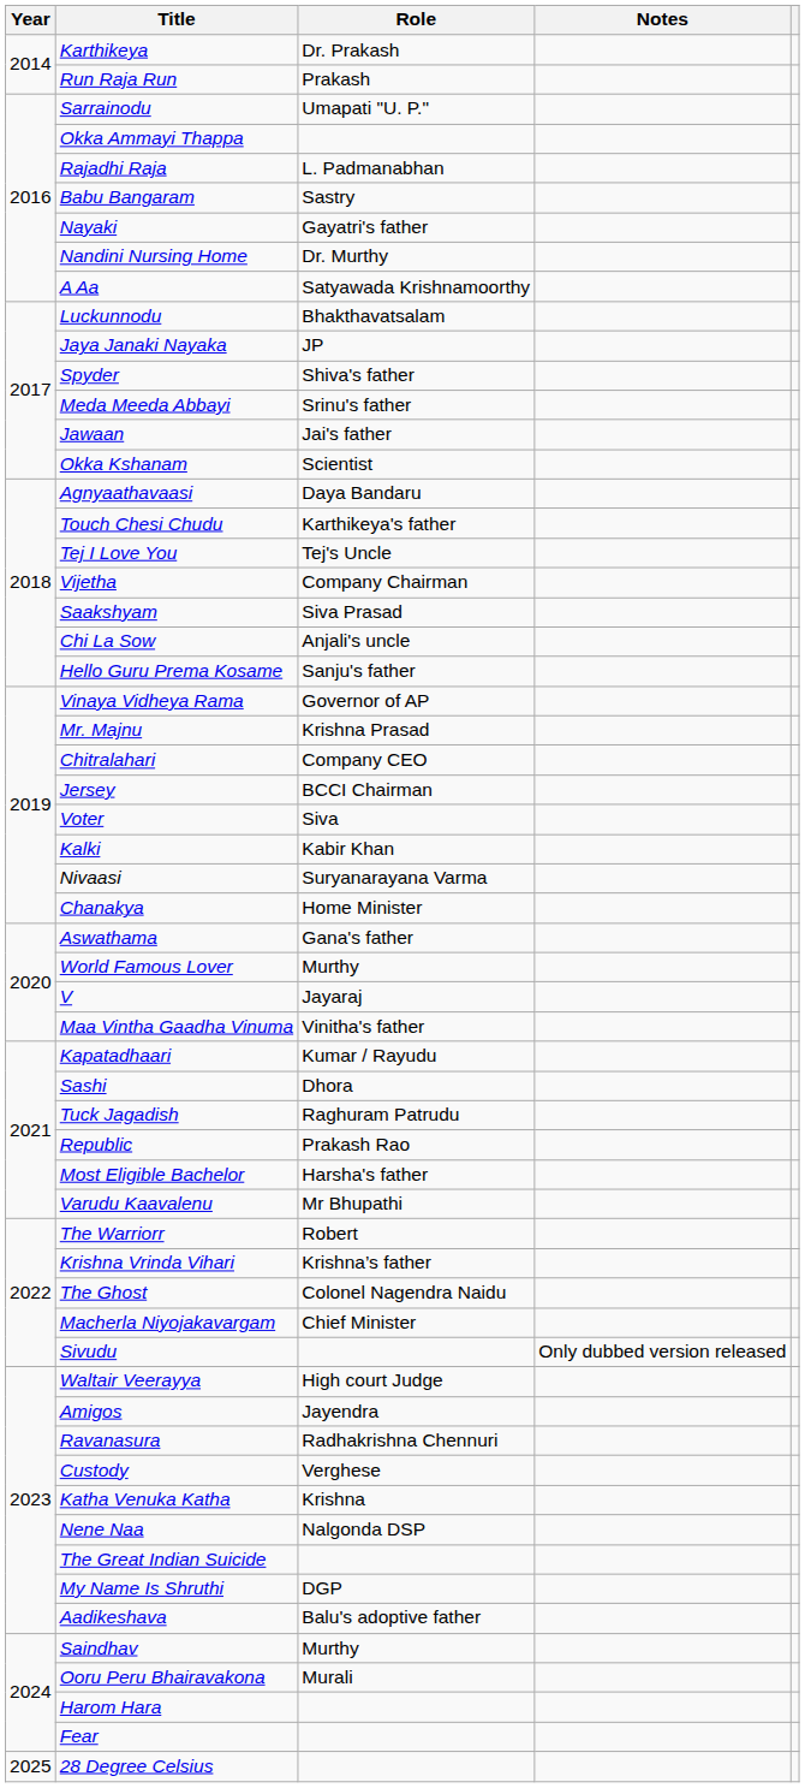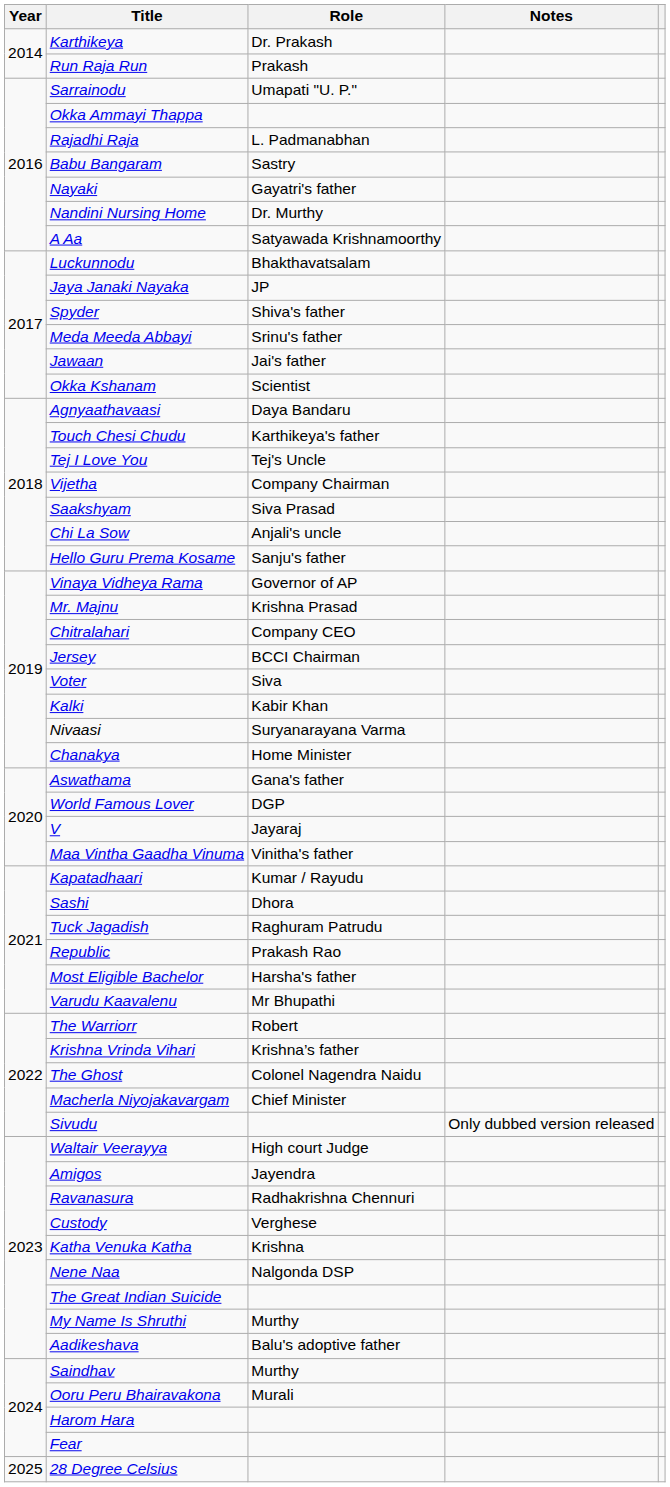 <table class="wikitable sortable">
 <tr>
 <th scope="col">Year</th>
 <th scope="col">Title</th>
 <th scope="col">Role</th>
 <th scope="col">Notes</th>
 <th class="unsortable" scope="col"></th>
 </tr>
 <tr>
 <td rowspan="2">2014</td>
 <td><em><a href='#'>Karthikeya</a></em></td>
 <td>Dr. Prakash</td>
 <td></td>
 <td></td>
 </tr>
 <tr>
 <td><em><a href='#'>Run Raja Run</a></em></td>
 <td>Prakash</td>
 <td></td>
 <td></td>
 </tr>
 <tr>
 <td rowspan="7">2016</td>
 <td><em><a href='#'>Sarrainodu</a></em></td>
 <td>Umapati "U. P."</td>
 <td></td>
 <td></td>
 </tr>
 <tr>
 <td><em><a href='#'>Okka Ammayi Thappa</a></em></td>
 <td></td>
 <td></td>
 <td></td>
 </tr>
 <tr>
 <td><em><a href='#'>Rajadhi Raja</a></em></td>
 <td>L. Padmanabhan</td>
 <td></td>
 <td></td>
 </tr>
 <tr>
 <td><em><a href='#'>Babu Bangaram</a></em></td>
 <td>Sastry</td>
 <td></td>
 <td></td>
 </tr>
 <tr>
 <td><em><a href='#'>Nayaki</a></em></td>
 <td>Gayatri's father</td>
 <td></td>
 <td></td>
 </tr>
 <tr>
 <td><em><a href='#'>Nandini Nursing Home</a></em></td>
 <td>Dr. Murthy</td>
 <td></td>
 <td></td>
 </tr>
 <tr>
 <td><em><a href='#'>A Aa</a></em></td>
 <td>Satyawada Krishnamoorthy</td>
 <td></td>
 <td></td>
 </tr>
 <tr>
 <td rowspan="6">2017</td>
 <td><em><a href='#'>Luckunnodu</a></em></td>
 <td>Bhakthavatsalam</td>
 <td></td>
 <td></td>
 </tr>
 <tr>
 <td><em><a href='#'>Jaya Janaki Nayaka</a></em></td>
 <td>JP</td>
 <td></td>
 <td></td>
 </tr>
 <tr>
 <td><em><a href='#'>Spyder</a></em></td>
 <td>Shiva's father</td>
 <td></td>
 <td></td>
 </tr>
 <tr>
 <td><em><a href='#'>Meda Meeda Abbayi</a></em></td>
 <td>Srinu's father</td>
 <td></td>
 <td></td>
 </tr>
 <tr>
 <td><em><a href='#'>Jawaan</a></em></td>
 <td>Jai's father</td>
 <td></td>
 <td></td>
 </tr>
 <tr>
 <td><em><a href='#'>Okka Kshanam</a></em></td>
 <td>Scientist</td>
 <td></td>
 <td></td>
 </tr>
 <tr>
 <td rowspan="7">2018</td>
 <td><em><a href='#'>Agnyaathavaasi</a></em></td>
 <td>Daya Bandaru</td>
 <td></td>
 <td></td>
 </tr>
 <tr>
 <td><em><a href='#'>Touch Chesi Chudu</a></em></td>
 <td>Karthikeya's father</td>
 <td></td>
 <td></td>
 </tr>
 <tr>
 <td><em><a href='#'>Tej I Love You</a></em></td>
 <td>Tej's Uncle</td>
 <td></td>
 <td></td>
 </tr>
 <tr>
 <td><em><a href='#'>Vijetha</a></em></td>
 <td>Company Chairman</td>
 <td></td>
 <td></td>
 </tr>
 <tr>
 <td><em><a href='#'>Saakshyam</a></em></td>
 <td>Siva Prasad</td>
 <td></td>
 <td></td>
 </tr>
 <tr>
 <td><em><a href='#'>Chi La Sow</a></em></td>
 <td>Anjali's uncle</td>
 <td></td>
 <td></td>
 </tr>
 <tr>
 <td><em><a href='#'>Hello Guru Prema Kosame</a></em></td>
 <td>Sanju's father</td>
 <td></td>
 <td></td>
 </tr>
 <tr>
 <td rowspan="8">2019</td>
 <td><em><a href='#'>Vinaya Vidheya Rama</a></em></td>
 <td>Governor of AP</td>
 <td></td>
 <td></td>
 </tr>
 <tr>
 <td><em><a href='#'>Mr. Majnu</a></em></td>
 <td>Krishna Prasad</td>
 <td></td>
 <td></td>
 </tr>
 <tr>
 <td><em><a href='#'>Chitralahari</a></em></td>
 <td>Company CEO</td>
 <td></td>
 <td></td>
 </tr>
 <tr>
 <td><em><a href='#'>Jersey</a></em></td>
 <td>BCCI Chairman</td>
 <td></td>
 <td></td>
 </tr>
 <tr>
 <td><em><a href='#'>Voter</a></em></td>
 <td>Siva</td>
 <td></td>
 <td></td>
 </tr>
 <tr>
 <td><em><a href='#'>Kalki</a></em></td>
 <td>Kabir Khan</td>
 <td></td>
 <td></td>
 </tr>
 <tr>
 <td><em>Nivaasi</em></td>
 <td>Suryanarayana Varma</td>
 <td></td>
 <td></td>
 </tr>
 <tr>
 <td><em><a href='#'>Chanakya</a></em></td>
 <td>Home Minister</td>
 <td></td>
 <td></td>
 </tr>
 <tr>
 <td rowspan="4">2020</td>
 <td><em><a href='#'>Aswathama</a></em></td>
 <td>Gana's father</td>
 <td></td>
 <td></td>
 </tr>
 <tr>
 <td><em><a href='#'>World Famous Lover</a></em></td>
-<td>Murthy</td>
+<td>DGP</td>
 <td></td>
 <td></td>
 </tr>
 <tr>
 <td><em><a href='#'>V</a></em></td>
 <td>Jayaraj</td>
 <td></td>
 <td></td>
 </tr>
 <tr>
 <td><em><a href='#'>Maa Vintha Gaadha Vinuma</a></em></td>
 <td>Vinitha's father</td>
 <td></td>
 <td></td>
 </tr>
 <tr>
 <td rowspan="6">2021</td>
 <td><em><a href='#'>Kapatadhaari</a></em></td>
 <td>Kumar / Rayudu</td>
 <td></td>
 <td></td>
 </tr>
 <tr>
 <td><em><a href='#'>Sashi</a></em></td>
 <td>Dhora</td>
 <td></td>
 <td></td>
 </tr>
 <tr>
 <td><em><a href='#'>Tuck Jagadish</a></em></td>
 <td>Raghuram Patrudu</td>
 <td></td>
 <td></td>
 </tr>
 <tr>
 <td><em><a href='#'>Republic</a></em></td>
 <td>Prakash Rao</td>
 <td></td>
 <td></td>
 </tr>
 <tr>
 <td><em><a href='#'>Most Eligible Bachelor</a></em></td>
 <td>Harsha's father</td>
 <td></td>
 <td></td>
 </tr>
 <tr>
 <td><em><a href='#'>Varudu Kaavalenu</a></em></td>
 <td>Mr Bhupathi</td>
 <td></td>
 <td></td>
 </tr>
 <tr>
 <td rowspan="5">2022</td>
 <td><em><a href='#'>The Warriorr</a></em></td>
 <td>Robert</td>
 <td></td>
 <td></td>
 </tr>
 <tr>
 <td><em><a href='#'>Krishna Vrinda Vihari</a></em></td>
 <td>Krishna’s father</td>
 <td></td>
 <td></td>
 </tr>
 <tr>
 <td><em><a href='#'>The Ghost</a></em></td>
 <td>Colonel Nagendra Naidu</td>
 <td></td>
 <td></td>
 </tr>
 <tr>
 <td><em><a href='#'>Macherla Niyojakavargam</a></em></td>
 <td>Chief Minister</td>
 <td></td>
 <td></td>
 </tr>
 <tr>
 <td><em><a href='#'>Sivudu</a></em></td>
 <td></td>
 <td>Only dubbed version released</td>
 <td></td>
 </tr>
 <tr>
 <td rowspan="9">2023</td>
 <td><em><a href='#'>Waltair Veerayya</a></em></td>
 <td>High court Judge</td>
 <td></td>
 <td style="text-align: center;"></td>
 </tr>
 <tr>
 <td><em><a href='#'>Amigos</a></em></td>
 <td>Jayendra</td>
 <td></td>
 <td style="text-align: center;"></td>
 </tr>
 <tr>
 <td><em><a href='#'>Ravanasura</a></em></td>
 <td>Radhakrishna Chennuri</td>
 <td></td>
 <td></td>
 </tr>
 <tr>
 <td><em><a href='#'>Custody</a></em></td>
 <td>Verghese</td>
 <td></td>
 <td></td>
 </tr>
 <tr>
 <td><em><a href='#'>Katha Venuka Katha</a></em></td>
 <td>Krishna</td>
 <td></td>
 <td></td>
 </tr>
 <tr>
 <td><em><a href='#'>Nene Naa</a></em></td>
 <td>Nalgonda DSP</td>
 <td></td>
 <td style="text-align: center;"></td>
 </tr>
 <tr>
 <td><em><a href='#'>The Great Indian Suicide</a></em></td>
 <td></td>
 <td></td>
 <td></td>
 </tr>
 <tr>
 <td><em><a href='#'>My Name Is Shruthi</a></em></td>
-<td>DGP</td>
+<td>Murthy</td>
 <td></td>
 <td></td>
 </tr>
 <tr>
 <td><em><a href='#'>Aadikeshava</a></em></td>
 <td>Balu's adoptive father</td>
 <td></td>
 <td></td>
 </tr>
 <tr>
 <td rowspan="4">2024</td>
 <td><em><a href='#'>Saindhav</a></em></td>
 <td>Murthy</td>
 <td></td>
 <td></td>
 </tr>
 <tr>
 <td><em><a href='#'>Ooru Peru Bhairavakona</a></em></td>
 <td>Murali</td>
 <td></td>
 <td style="text-align: center;"></td>
 </tr>
 <tr>
 <td><em><a href='#'>Harom Hara</a></em></td>
 <td></td>
 <td></td>
 <td></td>
 </tr>
 <tr>
 <td><a href='#'><em>Fear</em></a></td>
 <td></td>
 <td></td>
 <td></td>
 </tr>
 <tr>
 <td>2025</td>
 <td><a href='#'><em>28 Degree Celsius</em></a></td>
 <td></td>
 <td></td>
 <td></td>
 </tr>
 </table>
